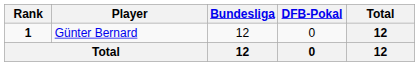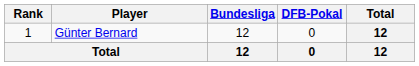 <table class="wikitable" style="text-align:center;">
 <tr>
 <th style="width:56px;">Rank</th>
 <th style="width:200px;">Player</th>
 <th style="width:84px;"><a href='#'>Bundesliga</a></th>
 <th style="width:84px;"><a href='#'>DFB-Pokal</a></th>
 <th style="width:84px;">Total</th>
 </tr>
 <tr>
-<td><strong>1</strong></td>
+<td>1</td>
 <td align="left"> <a href='#'>Günter Bernard</a></td>
 <td>12</td>
 <td>0</td>
 <th>12</th>
 </tr>
 <tr>
 <th colspan="2">Total</th>
 <th>12</th>
 <th>0</th>
 <th>12</th>
 </tr>
 </table>
